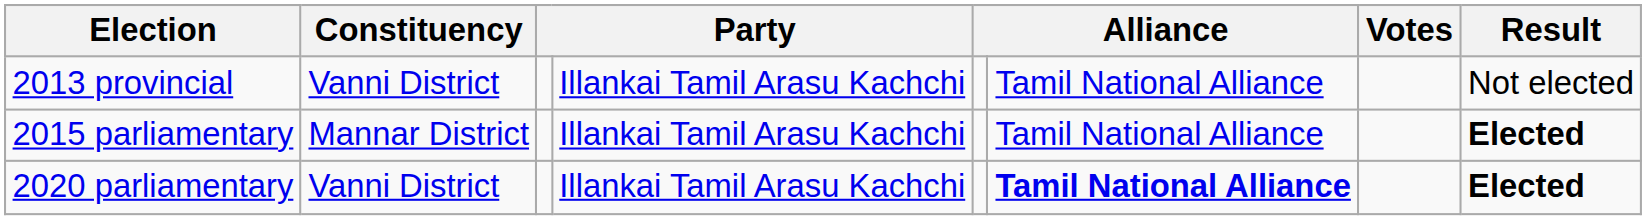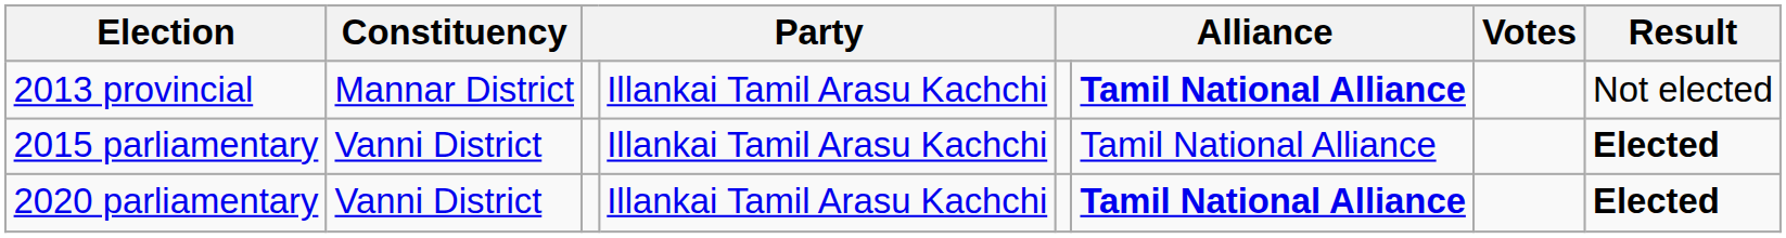 <table class="wikitable" style="text-align:left;">
 <tr>
 <th scope=col>Election</th>
 <th scope=col>Constituency</th>
 <th scope=col colspan="2">Party</th>
 <th scope=col colspan="2">Alliance</th>
 <th scope=col>Votes</th>
 <th scope=col>Result</th>
 </tr>
 <tr>
 <td><a href='#'>2013 provincial</a></td>
-<td><a href='#'>Vanni District</a></td>
+<td><a href='#'>Mannar District</a></td>
 <td style="background:"></td>
 <td><a href='#'>Illankai Tamil Arasu Kachchi</a></td>
 <td style="background:"></td>
-<td><a href='#'>Tamil National Alliance</a></td>
+<td><strong><a href='#'>Tamil National Alliance</a></strong></td>
 <td align=right></td>
 <td>Not elected</td>
 </tr>
 <tr>
 <td><a href='#'>2015 parliamentary</a></td>
-<td><a href='#'>Mannar District</a></td>
+<td><a href='#'>Vanni District</a></td>
 <td style="background:"></td>
 <td><a href='#'>Illankai Tamil Arasu Kachchi</a></td>
 <td style="background:"></td>
 <td><a href='#'>Tamil National Alliance</a></td>
 <td align=right></td>
 <td><strong>Elected</strong></td>
 </tr>
 <tr>
 <td><a href='#'>2020 parliamentary</a></td>
 <td><a href='#'>Vanni District</a></td>
 <td style="background:"></td>
 <td><a href='#'>Illankai Tamil Arasu Kachchi</a></td>
 <td style="background:"></td>
 <td><strong><a href='#'>Tamil National Alliance</a></strong></td>
 <td align=right></td>
 <td><strong>Elected</strong></td>
 </tr>
 </table>
